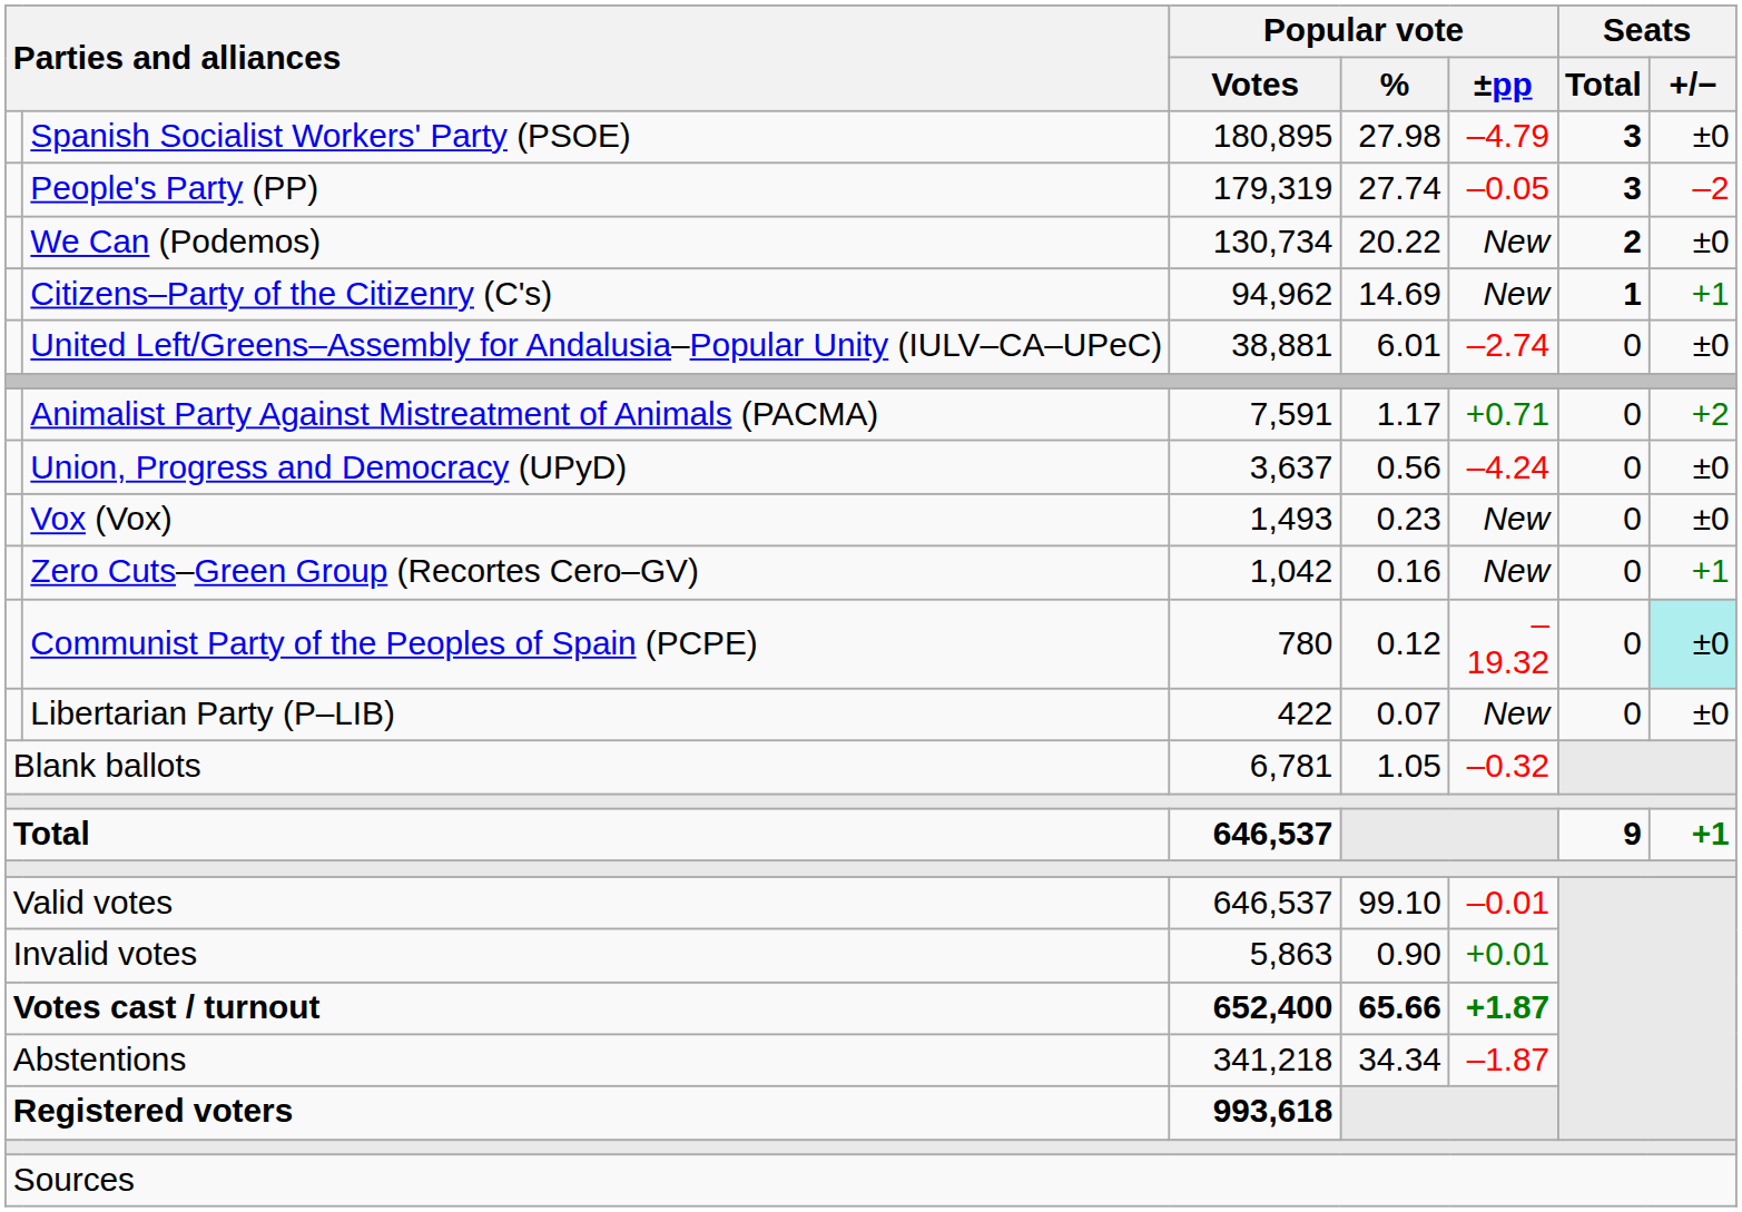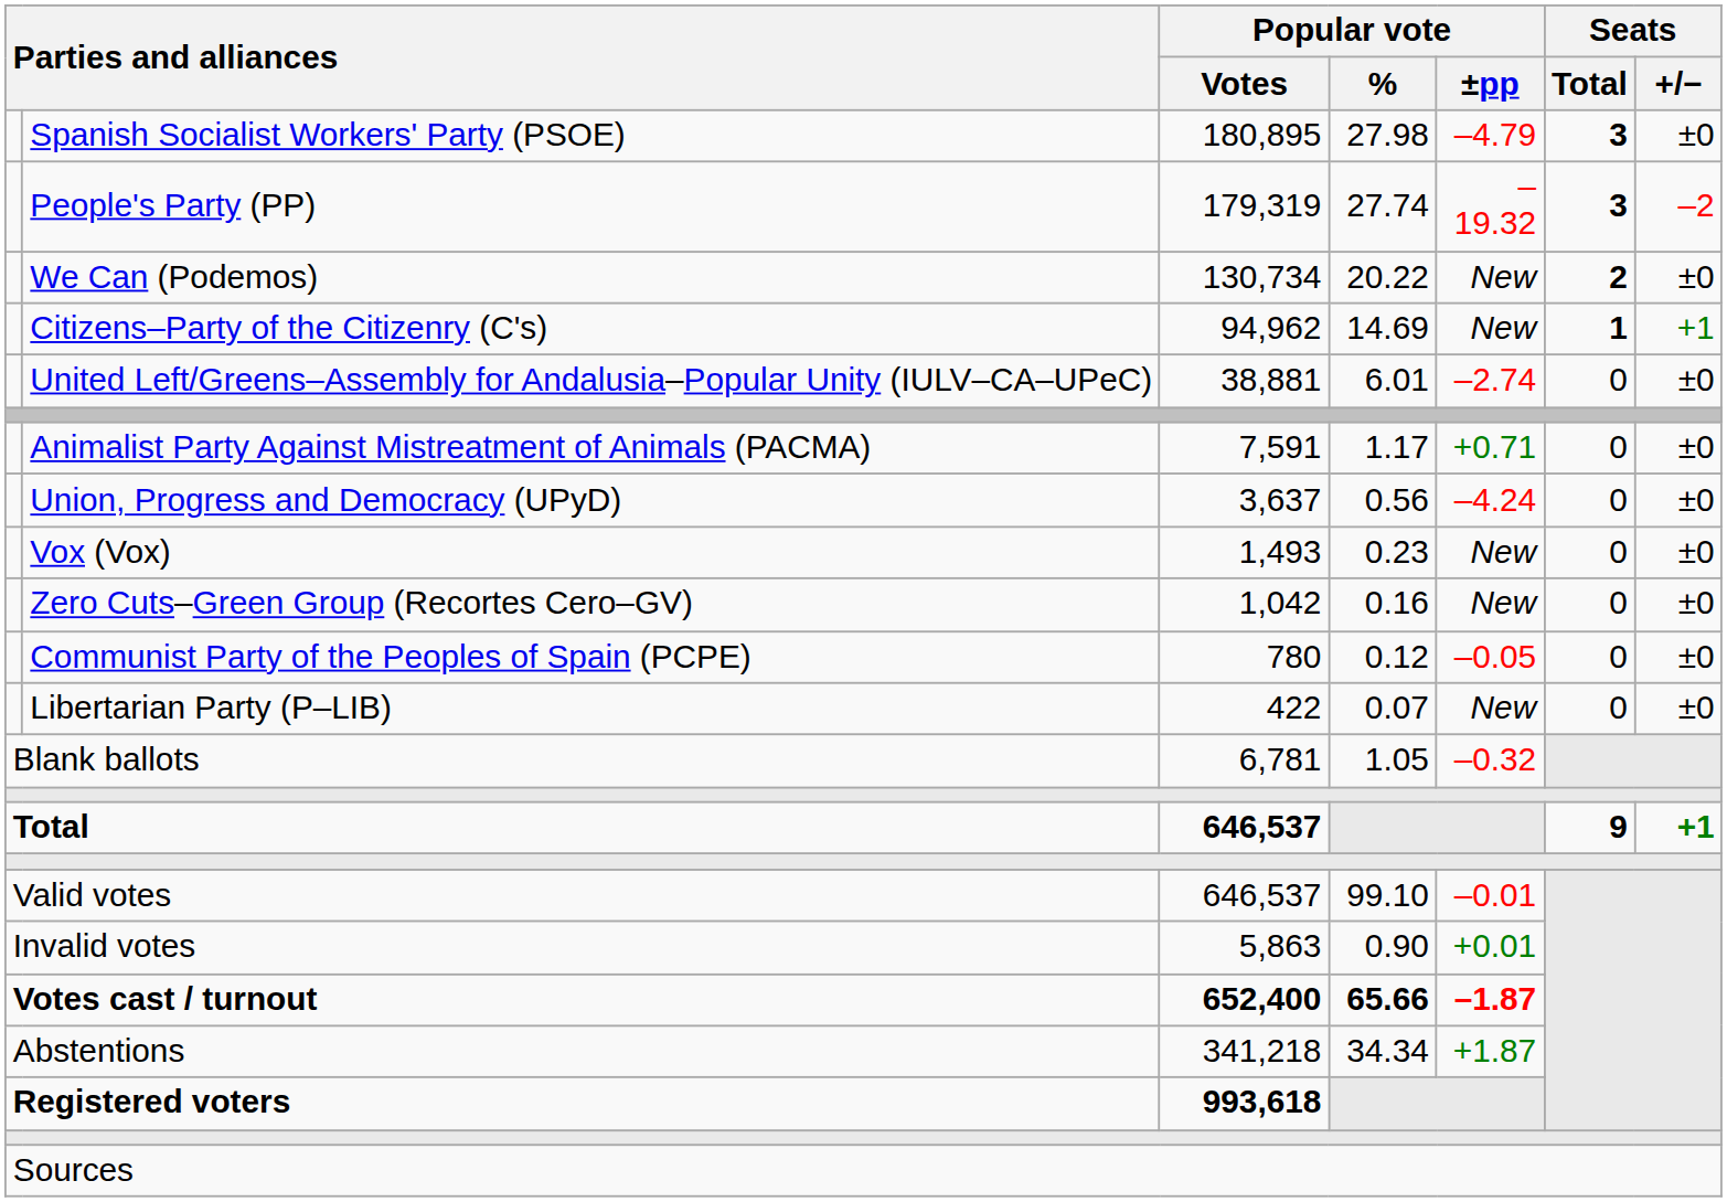 <table class="wikitable" style="text-align:right;">
 <tr>
 <th style="text-align:left;" rowspan="2" colspan="2" width="525">Parties and alliances</th>
 <th colspan="3">Popular vote</th>
 <th colspan="2">Seats</th>
 </tr>
 <tr>
 <th width="75">Votes</th>
 <th width="45">%</th>
 <th width="45">±<a href='#'>pp</a></th>
 <th width="35">Total</th>
 <th width="35">+/−</th>
 </tr>
 <tr>
 <td width="1" style="color:inherit;background:"></td>
 <td align="left"><a href='#'>Spanish Socialist Workers' Party</a> (PSOE)</td>
 <td>180,895</td>
 <td>27.98</td>
 <td style="color:red;">–4.79</td>
 <td><strong>3</strong></td>
 <td>±0</td>
 </tr>
 <tr>
 <td style="color:inherit;background:"></td>
 <td align="left"><a href='#'>People's Party</a> (PP)</td>
 <td>179,319</td>
 <td>27.74</td>
-<td style="color:red;">–0.05</td>
+<td style="color:red;">–19.32</td>
 <td><strong>3</strong></td>
 <td style="color:red;">–2</td>
 </tr>
 <tr>
 <td style="color:inherit;background:"></td>
 <td align="left"><a href='#'>We Can</a> (Podemos)</td>
 <td>130,734</td>
 <td>20.22</td>
 <td><em>New</em></td>
 <td><strong>2</strong></td>
 <td>±0</td>
 </tr>
 <tr>
 <td style="color:inherit;background:"></td>
 <td align="left"><a href='#'>Citizens–Party of the Citizenry</a> (C's)</td>
 <td>94,962</td>
 <td>14.69</td>
 <td><em>New</em></td>
 <td><strong>1</strong></td>
 <td style="color:green;">+1</td>
 </tr>
 <tr>
 <td style="color:inherit;background:"></td>
 <td align="left"><a href='#'>United Left/Greens–Assembly for Andalusia</a>–<a href='#'>Popular Unity</a> (IULV–CA–UPeC)</td>
 <td>38,881</td>
 <td>6.01</td>
 <td style="color:red;">–2.74</td>
 <td>0</td>
 <td>±0</td>
 </tr>
 <tr>
 <td colspan="7" bgcolor="#C0C0C0"></td>
 </tr>
 <tr>
 <td style="color:inherit;background:"></td>
 <td align="left"><a href='#'>Animalist Party Against Mistreatment of Animals</a> (PACMA)</td>
 <td>7,591</td>
 <td>1.17</td>
 <td style="color:green;">+0.71</td>
 <td>0</td>
-<td style="color:green;">+2</td>
+<td>±0</td>
 </tr>
 <tr>
 <td style="color:inherit;background:"></td>
 <td align="left"><a href='#'>Union, Progress and Democracy</a> (UPyD)</td>
 <td>3,637</td>
 <td>0.56</td>
 <td style="color:red;">–4.24</td>
 <td>0</td>
 <td>±0</td>
 </tr>
 <tr>
 <td style="color:inherit;background:"></td>
 <td align="left"><a href='#'>Vox</a> (Vox)</td>
 <td>1,493</td>
 <td>0.23</td>
 <td><em>New</em></td>
 <td>0</td>
 <td>±0</td>
 </tr>
 <tr>
 <td style="color:inherit;background:"></td>
 <td align="left"><a href='#'>Zero Cuts</a>–<a href='#'>Green Group</a> (Recortes Cero–GV)</td>
 <td>1,042</td>
 <td>0.16</td>
 <td><em>New</em></td>
 <td>0</td>
-<td style="color:green;">+1</td>
+<td>±0</td>
 </tr>
 <tr>
 <td style="color:inherit;background:"></td>
 <td align="left"><a href='#'>Communist Party of the Peoples of Spain</a> (PCPE)</td>
 <td>780</td>
 <td>0.12</td>
-<td style="color:red;">–19.32</td>
+<td style="color:red;">–0.05</td>
 <td>0</td>
-<td style="background: paleturquoise;">±0</td>
+<td>±0</td>
 </tr>
 <tr>
 <td style="color:inherit;background:"></td>
 <td align="left">Libertarian Party (P–LIB)</td>
 <td>422</td>
 <td>0.07</td>
 <td><em>New</em></td>
 <td>0</td>
 <td>±0</td>
 </tr>
 <tr>
 <td align="left" colspan="2">Blank ballots</td>
 <td>6,781</td>
 <td>1.05</td>
 <td style="color:red;">–0.32</td>
 <td bgcolor="#E9E9E9" colspan="2"></td>
 </tr>
 <tr>
 <td colspan="7" bgcolor="#E9E9E9"></td>
 </tr>
 <tr style="font-weight:bold;">
 <td align="left" colspan="2">Total</td>
 <td>646,537</td>
 <td bgcolor="#E9E9E9" colspan="2"></td>
 <td>9</td>
 <td style="color:green;">+1</td>
 </tr>
 <tr>
 <td colspan="7" bgcolor="#E9E9E9"></td>
 </tr>
 <tr>
 <td align="left" colspan="2">Valid votes</td>
 <td>646,537</td>
 <td>99.10</td>
 <td style="color:red;">–0.01</td>
 <td bgcolor="#E9E9E9" colspan="2" rowspan="5"></td>
 </tr>
 <tr>
 <td align="left" colspan="2">Invalid votes</td>
 <td>5,863</td>
 <td>0.90</td>
 <td style="color:green;">+0.01</td>
 </tr>
 <tr style="font-weight:bold;">
 <td align="left" colspan="2">Votes cast / turnout</td>
 <td>652,400</td>
 <td>65.66</td>
-<td style="color:green;">+1.87</td>
+<td style="color:red;">–1.87</td>
 </tr>
 <tr>
 <td align="left" colspan="2">Abstentions</td>
 <td>341,218</td>
 <td>34.34</td>
-<td style="color:red;">–1.87</td>
+<td style="color:green;">+1.87</td>
 </tr>
 <tr style="font-weight:bold;">
 <td align="left" colspan="2">Registered voters</td>
 <td>993,618</td>
 <td bgcolor="#E9E9E9" colspan="2"></td>
 </tr>
 <tr>
 <td colspan="7" bgcolor="#E9E9E9"></td>
 </tr>
 <tr>
 <td align="left" colspan="7">Sources</td>
 </tr>
 </table>
